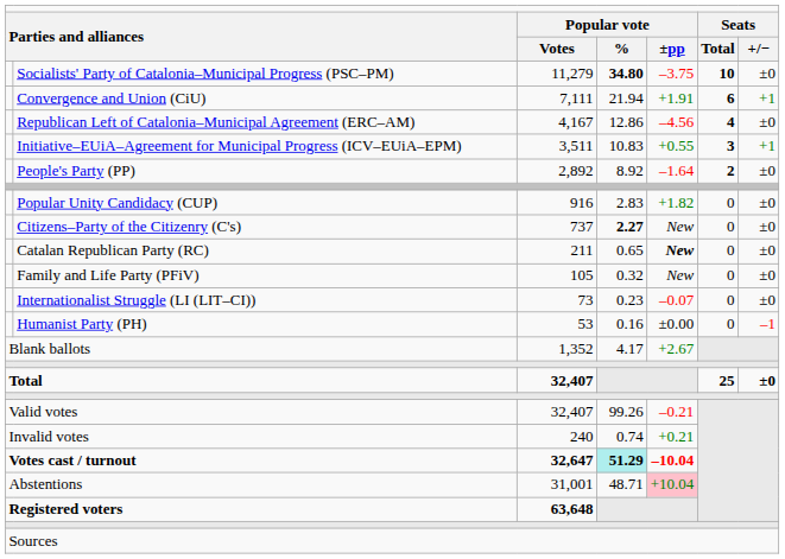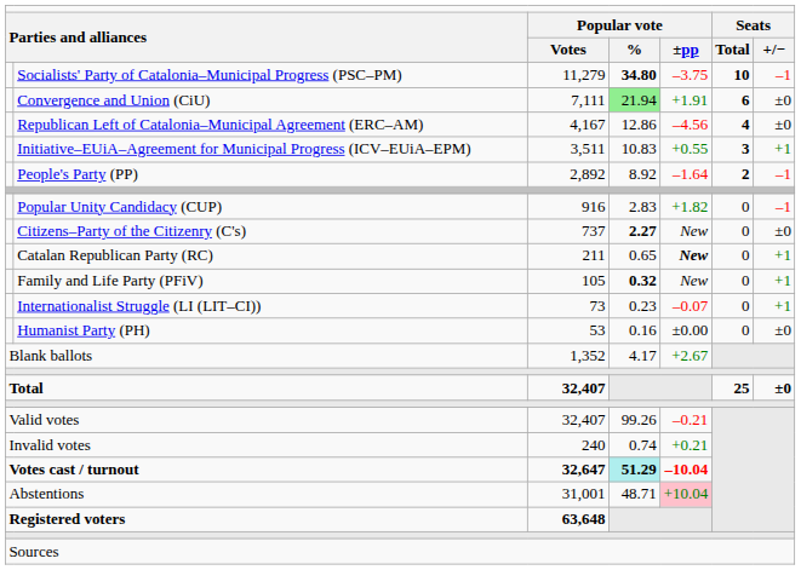 <table class="wikitable" style="text-align:right;">
 <tr>
 <td colspan="7"></td>
 </tr>
 <tr>
 <th style="text-align:left;" rowspan="2" colspan="2" width="525">Parties and alliances</th>
 <th colspan="3">Popular vote</th>
 <th colspan="2">Seats</th>
 </tr>
 <tr>
 <th width="75">Votes</th>
 <th width="45">%</th>
 <th width="45">±<a href='#'>pp</a></th>
 <th width="35">Total</th>
 <th width="35">+/−</th>
 </tr>
 <tr>
 <td width="1" style="color:inherit;background:"></td>
 <td align="left"><a href='#'>Socialists' Party of Catalonia–Municipal Progress</a> (PSC–PM)</td>
 <td>11,279</td>
 <td><strong>34.80</strong></td>
 <td style="color:red;">–3.75</td>
 <td><strong>10</strong></td>
-<td>±0</td>
+<td style="color:red;">–1</td>
 </tr>
 <tr>
 <td style="color:inherit;background:"></td>
 <td align="left"><a href='#'>Convergence and Union</a> (CiU)</td>
 <td>7,111</td>
-<td>21.94</td>
+<td style="background: lightgreen;">21.94</td>
 <td style="color:green;">+1.91</td>
 <td><strong>6</strong></td>
-<td style="color:green;">+1</td>
+<td>±0</td>
 </tr>
 <tr>
 <td style="color:inherit;background:"></td>
 <td align="left"><a href='#'>Republican Left of Catalonia–Municipal Agreement</a> (ERC–AM)</td>
 <td>4,167</td>
 <td>12.86</td>
 <td style="color:red;">–4.56</td>
 <td><strong>4</strong></td>
 <td>±0</td>
 </tr>
 <tr>
 <td style="color:inherit;background:"></td>
 <td align="left"><a href='#'>Initiative–EUiA–Agreement for Municipal Progress</a> (ICV–EUiA–EPM)</td>
 <td>3,511</td>
 <td>10.83</td>
 <td style="color:green;">+0.55</td>
 <td><strong>3</strong></td>
 <td style="color:green;">+1</td>
 </tr>
 <tr>
 <td style="color:inherit;background:"></td>
 <td align="left"><a href='#'>People's Party</a> (PP)</td>
 <td>2,892</td>
 <td>8.92</td>
 <td style="color:red;">–1.64</td>
 <td><strong>2</strong></td>
-<td>±0</td>
+<td style="color:red;">–1</td>
 </tr>
 <tr>
 <td colspan="7" style="color:inherit;background:#C0C0C0"></td>
 </tr>
 <tr>
 <td style="color:inherit;background:"></td>
 <td align="left"><a href='#'>Popular Unity Candidacy</a> (CUP)</td>
 <td>916</td>
 <td>2.83</td>
 <td style="color:green;">+1.82</td>
 <td>0</td>
-<td>±0</td>
+<td style="color:red;">–1</td>
 </tr>
 <tr>
 <td style="color:inherit;background:"></td>
 <td align="left"><a href='#'>Citizens–Party of the Citizenry</a> (C's)</td>
 <td>737</td>
 <td><strong>2.27</strong></td>
 <td><em>New</em></td>
 <td>0</td>
 <td>±0</td>
 </tr>
 <tr>
 <td style="color:inherit;background:"></td>
 <td align="left">Catalan Republican Party (RC)</td>
 <td>211</td>
 <td>0.65</td>
 <td><strong><em>New</em></strong></td>
 <td>0</td>
-<td>±0</td>
+<td style="color:green;">+1</td>
 </tr>
 <tr>
 <td style="color:inherit;background:"></td>
 <td align="left">Family and Life Party (PFiV)</td>
 <td>105</td>
-<td>0.32</td>
+<td><strong>0.32</strong></td>
 <td><em>New</em></td>
 <td>0</td>
-<td>±0</td>
+<td style="color:green;">+1</td>
 </tr>
 <tr>
 <td style="color:inherit;background:"></td>
 <td align="left"><a href='#'>Internationalist Struggle</a> (LI (LIT–CI))</td>
 <td>73</td>
 <td>0.23</td>
 <td style="color:red;">–0.07</td>
 <td>0</td>
-<td>±0</td>
+<td style="color:green;">+1</td>
 </tr>
 <tr>
 <td style="color:inherit;background:"></td>
 <td align="left"><a href='#'>Humanist Party</a> (PH)</td>
 <td>53</td>
 <td>0.16</td>
 <td>±0.00</td>
 <td>0</td>
-<td style="color:red;">–1</td>
+<td>±0</td>
 </tr>
 <tr>
 <td align="left" colspan="2">Blank ballots</td>
 <td>1,352</td>
 <td>4.17</td>
 <td style="color:green;">+2.67</td>
 <td style="color:inherit;background:#E9E9E9" colspan="2"></td>
 </tr>
 <tr>
 <td colspan="7" style="color:inherit;background:#E9E9E9"></td>
 </tr>
 <tr style="font-weight:bold;">
 <td align="left" colspan="2">Total</td>
 <td>32,407</td>
 <td bgcolor="#E9E9E9" colspan="2"></td>
 <td>25</td>
 <td>±0</td>
 </tr>
 <tr>
 <td colspan="7" style="color:inherit;background:#E9E9E9"></td>
 </tr>
 <tr>
 <td align="left" colspan="2">Valid votes</td>
 <td>32,407</td>
 <td>99.26</td>
 <td style="color:red;">–0.21</td>
 <td bgcolor="#E9E9E9" colspan="2" rowspan="5"></td>
 </tr>
 <tr>
 <td align="left" colspan="2">Invalid votes</td>
 <td>240</td>
 <td>0.74</td>
 <td style="color:green;">+0.21</td>
 </tr>
 <tr style="font-weight:bold;">
 <td align="left" colspan="2">Votes cast / turnout</td>
 <td>32,647</td>
 <td style="background: paleturquoise;">51.29</td>
 <td style="color:red;">–10.04</td>
 </tr>
 <tr>
 <td align="left" colspan="2">Abstentions</td>
 <td>31,001</td>
 <td>48.71</td>
 <td style="background: pink; color:green;">+10.04</td>
 </tr>
 <tr style="font-weight:bold;">
 <td align="left" colspan="2">Registered voters</td>
 <td>63,648</td>
 <td bgcolor="#E9E9E9" colspan="2"></td>
 </tr>
 <tr>
 <td colspan="7" style="color:inherit;background:#E9E9E9"></td>
 </tr>
 <tr>
 <td align="left" colspan="7">Sources</td>
 </tr>
 </table>
